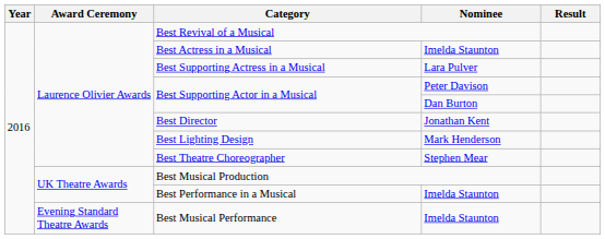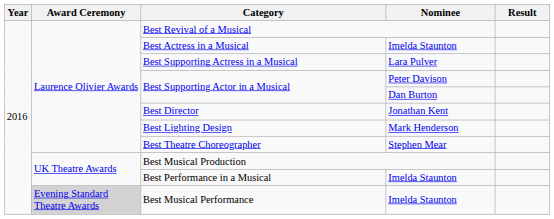 <table class="wikitable" width="95%">
 <tr>
 <th width="5%">Year</th>
 <th width="20%">Award Ceremony</th>
 <th width="45%">Category</th>
 <th width="20%">Nominee</th>
 <th width="10%">Result</th>
 </tr>
 <tr>
 <td rowspan="11">2016</td>
 <td rowspan="8"><a href='#'>Laurence Olivier Awards</a></td>
 <td colspan="2"><a href='#'>Best Revival of a Musical</a></td>
 <td></td>
 </tr>
 <tr>
 <td><a href='#'>Best Actress in a Musical</a></td>
 <td><a href='#'>Imelda Staunton</a></td>
 <td></td>
 </tr>
 <tr>
 <td><a href='#'>Best Supporting Actress in a Musical</a></td>
 <td><a href='#'>Lara Pulver</a></td>
 <td></td>
 </tr>
 <tr>
 <td rowspan="2"><a href='#'>Best Supporting Actor in a Musical</a></td>
 <td><a href='#'>Peter Davison</a></td>
 <td></td>
 </tr>
 <tr>
 <td><a href='#'>Dan Burton</a></td>
 <td></td>
 </tr>
 <tr>
 <td><a href='#'>Best Director</a></td>
 <td><a href='#'>Jonathan Kent</a></td>
 <td></td>
 </tr>
 <tr>
 <td><a href='#'>Best Lighting Design</a></td>
 <td><a href='#'>Mark Henderson</a></td>
 <td></td>
 </tr>
 <tr>
 <td><a href='#'>Best Theatre Choreographer</a></td>
 <td><a href='#'>Stephen Mear</a></td>
 <td></td>
 </tr>
 <tr>
 <td rowspan="2"><a href='#'>UK Theatre Awards</a></td>
 <td colspan="2">Best Musical Production</td>
 <td></td>
 </tr>
 <tr>
 <td>Best Performance in a Musical</td>
 <td><a href='#'>Imelda Staunton</a></td>
 <td></td>
 </tr>
 <tr>
-<td><a href='#'>Evening Standard Theatre Awards</a></td>
+<td style="background: lightgrey;"><a href='#'>Evening Standard Theatre Awards</a></td>
 <td>Best Musical Performance</td>
 <td><a href='#'>Imelda Staunton</a></td>
 <td></td>
 </tr>
 </table>
